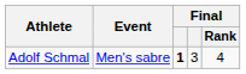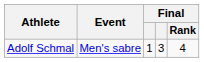 <table class="wikitable" style="font-size:90%">
 <tr>
 <th rowspan=2>Athlete</th>
 <th rowspan=2>Event</th>
 <th colspan=3>Final</th>
 </tr>
 <tr style="font-size:95%">
 <th></th>
 <th></th>
 <th>Rank</th>
 </tr>
 <tr align=center>
 <td align=left><a href='#'>Adolf Schmal</a></td>
 <td align=left><a href='#'>Men's sabre</a></td>
-<td><strong>1</strong></td>
+<td>1</td>
 <td>3</td>
 <td>4</td>
 </tr>
 </table>
